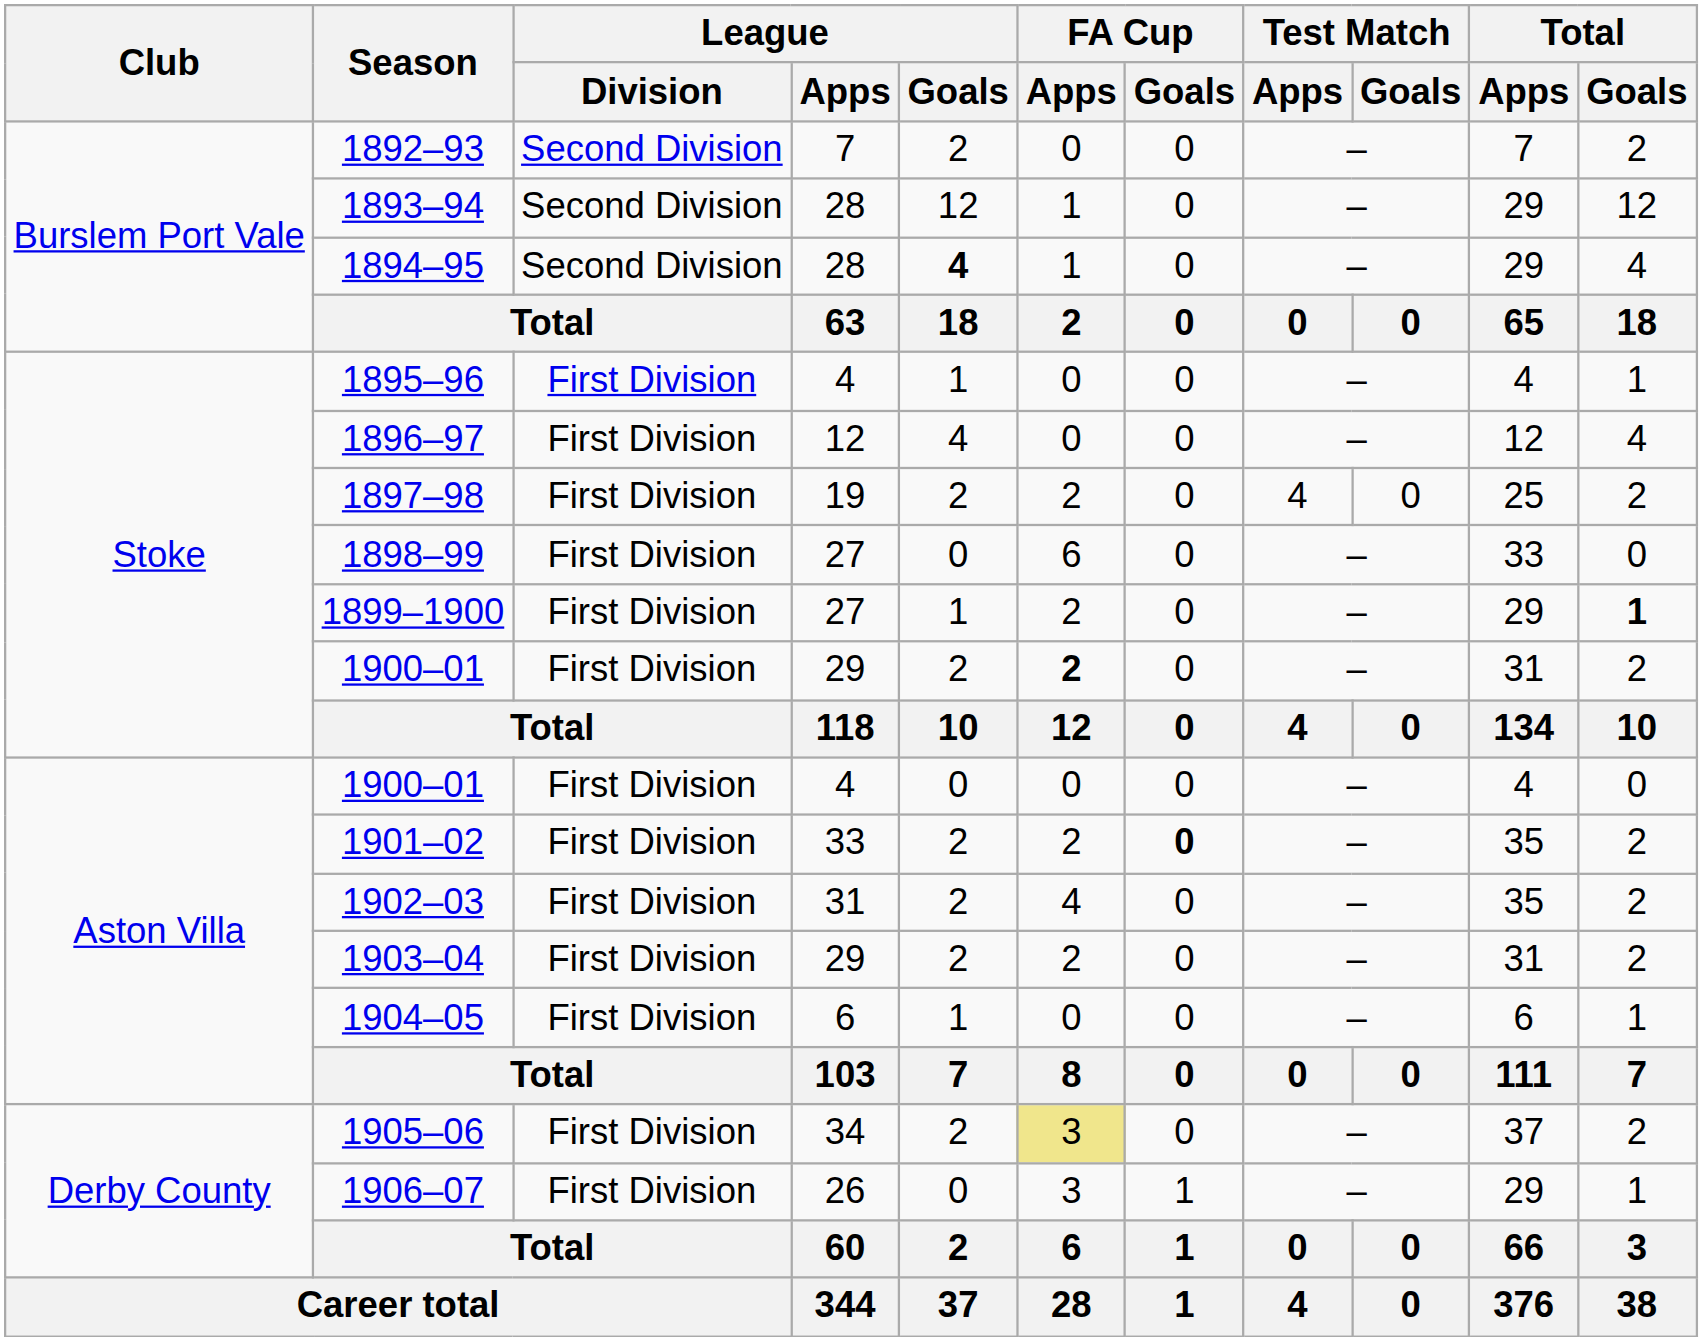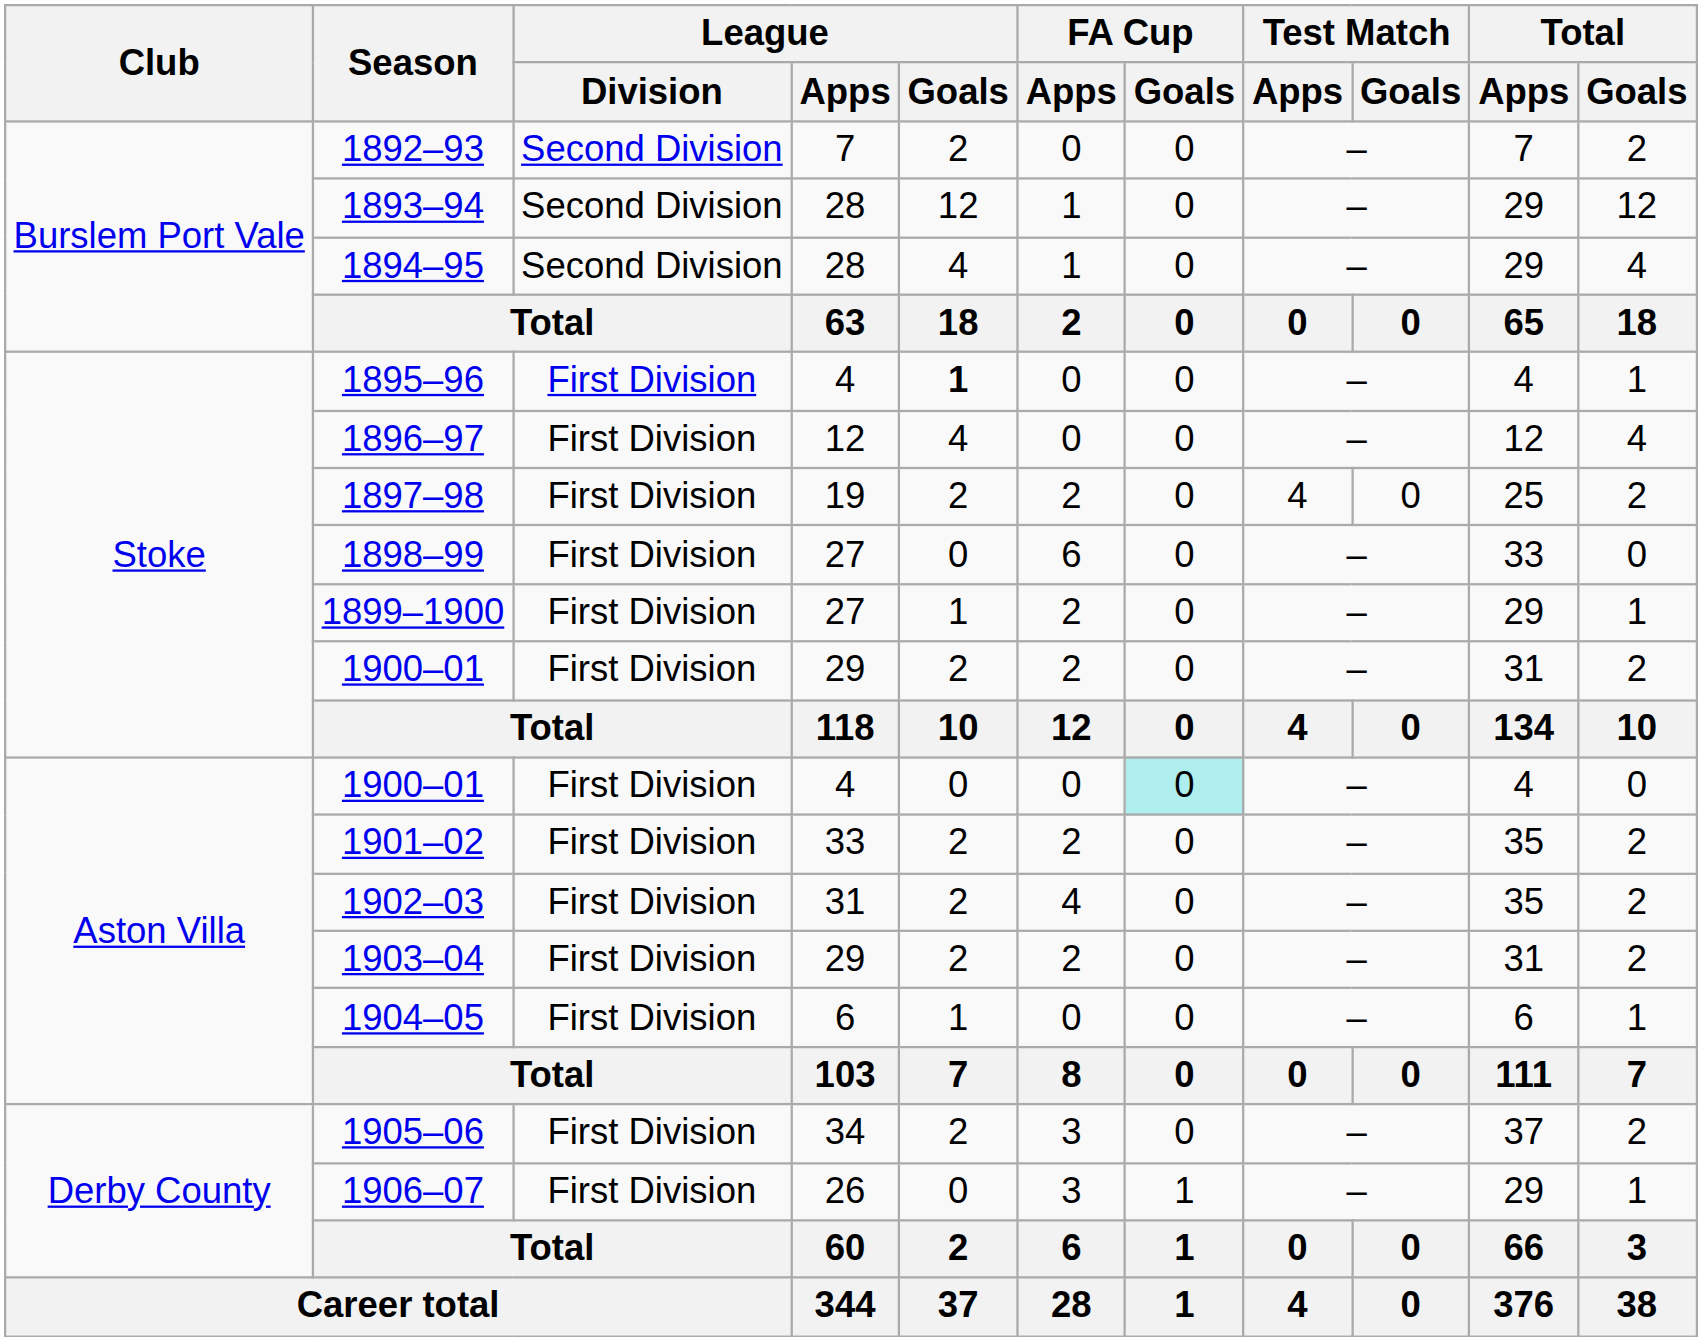 <table class="wikitable" style="text-align: center;">
 <tr>
 <th rowspan="2">Club</th>
 <th rowspan="2">Season</th>
 <th colspan="3">League</th>
 <th colspan="2">FA Cup</th>
 <th colspan="2">Test Match</th>
 <th colspan="2">Total</th>
 </tr>
 <tr>
 <th>Division</th>
 <th>Apps</th>
 <th>Goals</th>
 <th>Apps</th>
 <th>Goals</th>
 <th>Apps</th>
 <th>Goals</th>
 <th>Apps</th>
 <th>Goals</th>
 </tr>
 <tr>
 <td rowspan="4"><a href='#'>Burslem Port Vale</a></td>
 <td><a href='#'>1892–93</a></td>
 <td><a href='#'>Second Division</a></td>
 <td>7</td>
 <td>2</td>
 <td>0</td>
 <td>0</td>
 <td colspan="2">–</td>
 <td>7</td>
 <td>2</td>
 </tr>
 <tr>
 <td><a href='#'>1893–94</a></td>
 <td>Second Division</td>
 <td>28</td>
 <td>12</td>
 <td>1</td>
 <td>0</td>
 <td colspan="2">–</td>
 <td>29</td>
 <td>12</td>
 </tr>
 <tr>
 <td><a href='#'>1894–95</a></td>
 <td>Second Division</td>
 <td>28</td>
-<td><strong>4</strong></td>
+<td>4</td>
 <td>1</td>
 <td>0</td>
 <td colspan="2">–</td>
 <td>29</td>
 <td>4</td>
 </tr>
 <tr>
 <th colspan="2">Total</th>
 <th>63</th>
 <th>18</th>
 <th>2</th>
 <th>0</th>
 <th>0</th>
 <th>0</th>
 <th>65</th>
 <th>18</th>
 </tr>
 <tr>
 <td rowspan="7"><a href='#'>Stoke</a></td>
 <td><a href='#'>1895–96</a></td>
 <td><a href='#'>First Division</a></td>
 <td>4</td>
-<td>1</td>
+<td><strong>1</strong></td>
 <td>0</td>
 <td>0</td>
 <td colspan="2">–</td>
 <td>4</td>
 <td>1</td>
 </tr>
 <tr>
 <td><a href='#'>1896–97</a></td>
 <td>First Division</td>
 <td>12</td>
 <td>4</td>
 <td>0</td>
 <td>0</td>
 <td colspan="2">–</td>
 <td>12</td>
 <td>4</td>
 </tr>
 <tr>
 <td><a href='#'>1897–98</a></td>
 <td>First Division</td>
 <td>19</td>
 <td>2</td>
 <td>2</td>
 <td>0</td>
 <td>4</td>
 <td>0</td>
 <td>25</td>
 <td>2</td>
 </tr>
 <tr>
 <td><a href='#'>1898–99</a></td>
 <td>First Division</td>
 <td>27</td>
 <td>0</td>
 <td>6</td>
 <td>0</td>
 <td colspan="2">–</td>
 <td>33</td>
 <td>0</td>
 </tr>
 <tr>
 <td><a href='#'>1899–1900</a></td>
 <td>First Division</td>
 <td>27</td>
 <td>1</td>
 <td>2</td>
 <td>0</td>
 <td colspan="2">–</td>
 <td>29</td>
-<td><strong>1</strong></td>
+<td>1</td>
 </tr>
 <tr>
 <td><a href='#'>1900–01</a></td>
 <td>First Division</td>
 <td>29</td>
 <td>2</td>
-<td><strong>2</strong></td>
+<td>2</td>
 <td>0</td>
 <td colspan="2">–</td>
 <td>31</td>
 <td>2</td>
 </tr>
 <tr>
 <th colspan="2">Total</th>
 <th>118</th>
 <th>10</th>
 <th>12</th>
 <th>0</th>
 <th>4</th>
 <th>0</th>
 <th>134</th>
 <th>10</th>
 </tr>
 <tr>
 <td rowspan="6"><a href='#'>Aston Villa</a></td>
 <td><a href='#'>1900–01</a></td>
 <td>First Division</td>
 <td>4</td>
 <td>0</td>
 <td>0</td>
-<td>0</td>
+<td style="background: paleturquoise;">0</td>
 <td colspan="2">–</td>
 <td>4</td>
 <td>0</td>
 </tr>
 <tr>
 <td><a href='#'>1901–02</a></td>
 <td>First Division</td>
 <td>33</td>
 <td>2</td>
 <td>2</td>
-<td><strong>0</strong></td>
+<td>0</td>
 <td colspan="2">–</td>
 <td>35</td>
 <td>2</td>
 </tr>
 <tr>
 <td><a href='#'>1902–03</a></td>
 <td>First Division</td>
 <td>31</td>
 <td>2</td>
 <td>4</td>
 <td>0</td>
 <td colspan="2">–</td>
 <td>35</td>
 <td>2</td>
 </tr>
 <tr>
 <td><a href='#'>1903–04</a></td>
 <td>First Division</td>
 <td>29</td>
 <td>2</td>
 <td>2</td>
 <td>0</td>
 <td colspan="2">–</td>
 <td>31</td>
 <td>2</td>
 </tr>
 <tr>
 <td><a href='#'>1904–05</a></td>
 <td>First Division</td>
 <td>6</td>
 <td>1</td>
 <td>0</td>
 <td>0</td>
 <td colspan="2">–</td>
 <td>6</td>
 <td>1</td>
 </tr>
 <tr>
 <th colspan="2">Total</th>
 <th>103</th>
 <th>7</th>
 <th>8</th>
 <th>0</th>
 <th>0</th>
 <th>0</th>
 <th>111</th>
 <th>7</th>
 </tr>
 <tr>
 <td rowspan="3"><a href='#'>Derby County</a></td>
 <td><a href='#'>1905–06</a></td>
 <td>First Division</td>
 <td>34</td>
 <td>2</td>
-<td style="background: khaki;">3</td>
+<td>3</td>
 <td>0</td>
 <td colspan="2">–</td>
 <td>37</td>
 <td>2</td>
 </tr>
 <tr>
 <td><a href='#'>1906–07</a></td>
 <td>First Division</td>
 <td>26</td>
 <td>0</td>
 <td>3</td>
 <td>1</td>
 <td colspan="2">–</td>
 <td>29</td>
 <td>1</td>
 </tr>
 <tr>
 <th colspan="2">Total</th>
 <th>60</th>
 <th>2</th>
 <th>6</th>
 <th>1</th>
 <th>0</th>
 <th>0</th>
 <th>66</th>
 <th>3</th>
 </tr>
 <tr>
 <th colspan="3">Career total</th>
 <th>344</th>
 <th>37</th>
 <th>28</th>
 <th>1</th>
 <th>4</th>
 <th>0</th>
 <th>376</th>
 <th>38</th>
 </tr>
 </table>
